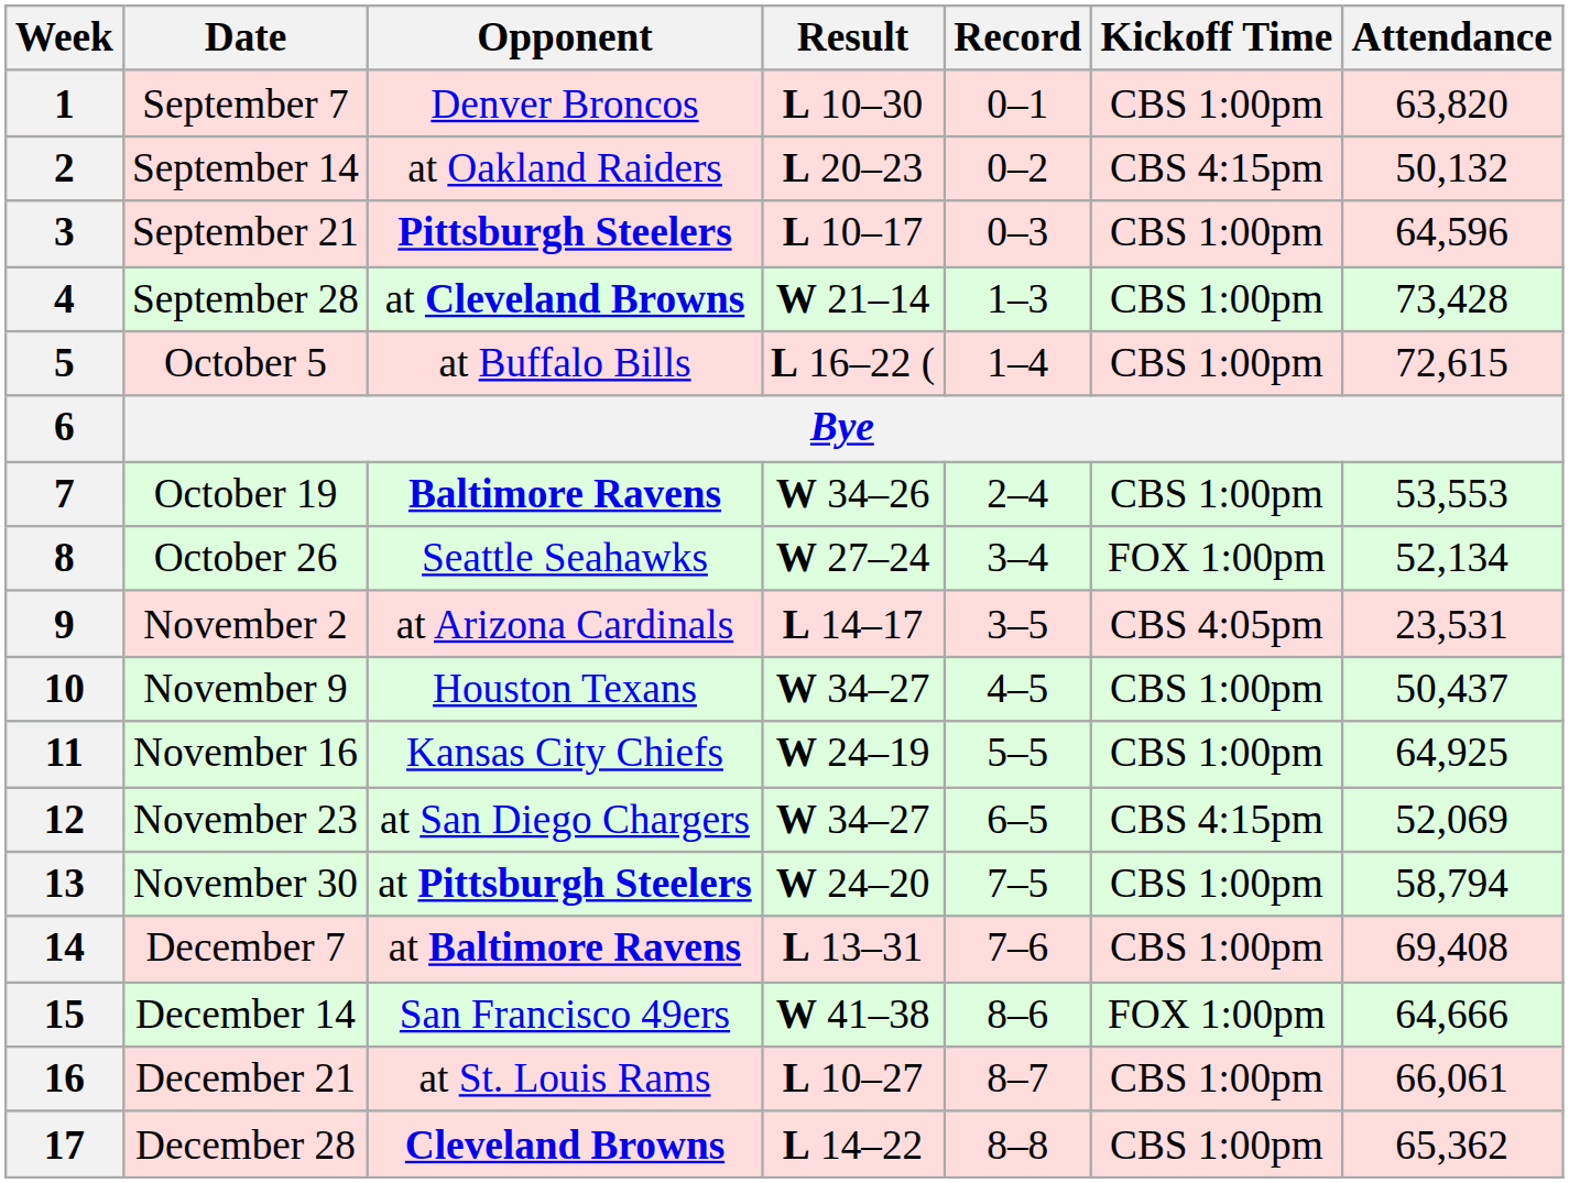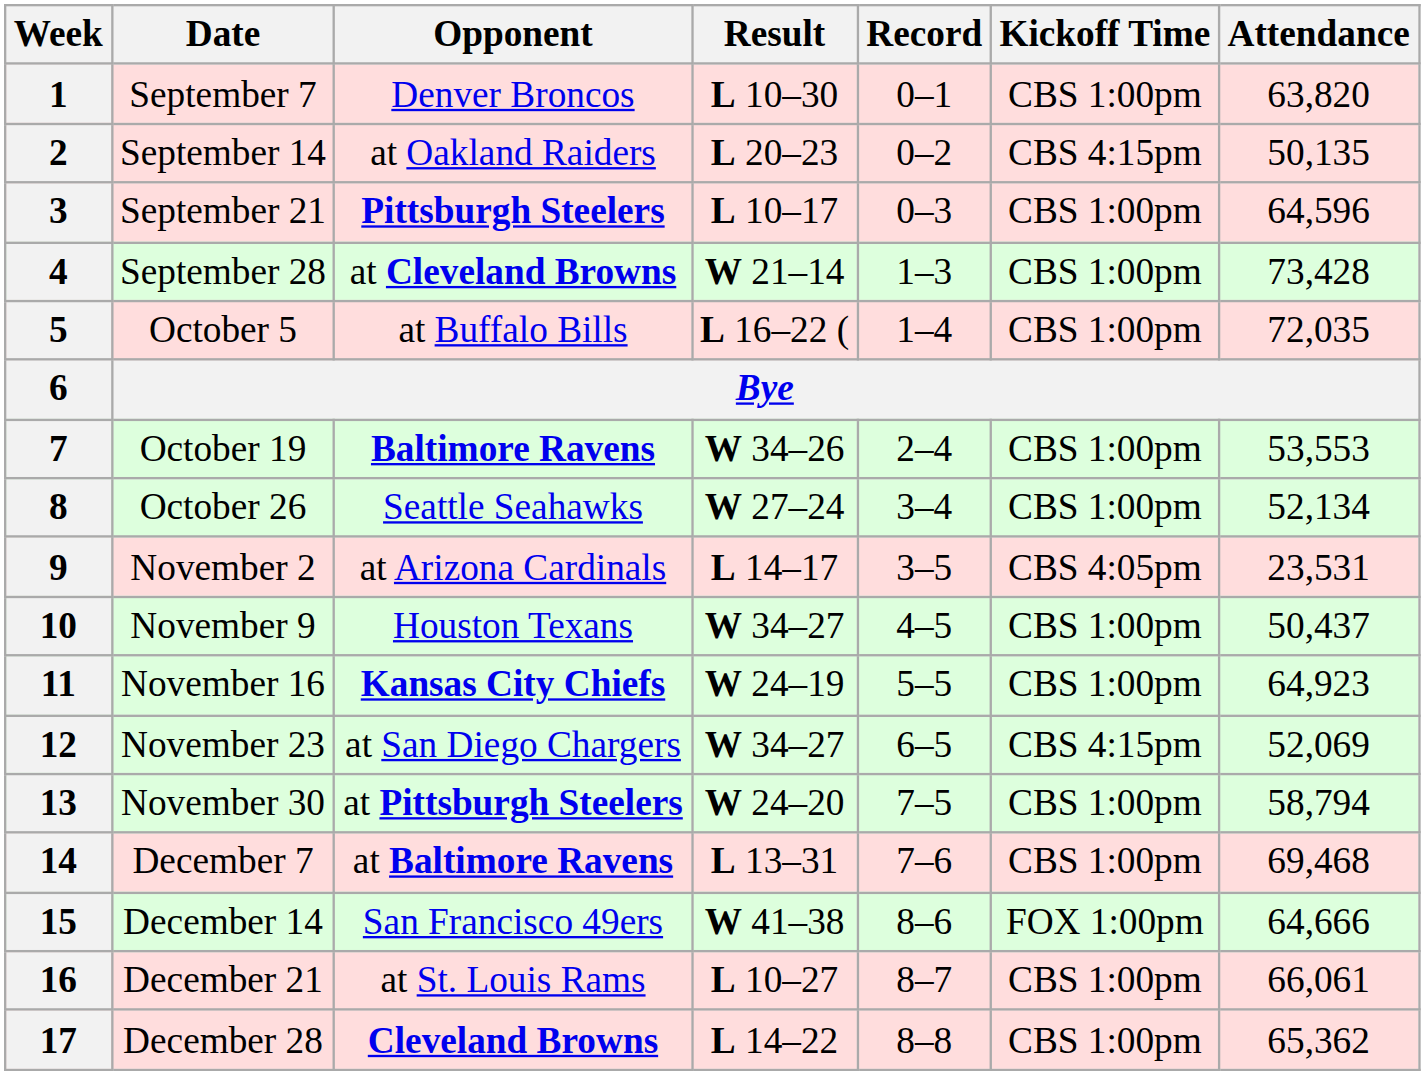 <table class="wikitable" style="text-align:center">
 <tr>
 <th>Week</th>
 <th>Date</th>
 <th>Opponent</th>
 <th>Result</th>
 <th>Record</th>
 <th>Kickoff Time</th>
 <th>Attendance</th>
 </tr>
 <tr style="background:#fdd;">
 <th>1</th>
 <td>September 7</td>
 <td><a href='#'>Denver Broncos</a></td>
 <td><strong>L</strong> 10–30</td>
 <td>0–1</td>
 <td>CBS 1:00pm</td>
 <td>63,820</td>
 </tr>
 <tr style="background:#fdd;">
 <th>2</th>
 <td>September 14</td>
 <td>at <a href='#'>Oakland Raiders</a></td>
 <td><strong>L</strong> 20–23</td>
 <td>0–2</td>
 <td>CBS 4:15pm</td>
-<td>50,132</td>
+<td>50,135</td>
 </tr>
 <tr style="background:#fdd;">
 <th>3</th>
 <td>September 21</td>
 <td><strong><a href='#'>Pittsburgh Steelers</a></strong></td>
 <td><strong>L</strong> 10–17</td>
 <td>0–3</td>
 <td>CBS 1:00pm</td>
 <td>64,596</td>
 </tr>
 <tr style="background:#dfd;">
 <th>4</th>
 <td>September 28</td>
 <td>at <strong><a href='#'>Cleveland Browns</a></strong></td>
 <td><strong>W</strong> 21–14</td>
 <td>1–3</td>
 <td>CBS 1:00pm</td>
 <td>73,428</td>
 </tr>
 <tr style="background:#fdd;">
 <th>5</th>
 <td>October 5</td>
 <td>at <a href='#'>Buffalo Bills</a></td>
 <td><strong>L</strong> 16–22 (</td>
 <td>1–4</td>
 <td>CBS 1:00pm</td>
-<td>72,615</td>
+<td>72,035</td>
 </tr>
 <tr>
 <th>6</th>
 <th colspan="6"><em><a href='#'>Bye</a></em></th>
 </tr>
 <tr style="background:#dfd;">
 <th>7</th>
 <td>October 19</td>
 <td><strong><a href='#'>Baltimore Ravens</a></strong></td>
 <td><strong>W</strong> 34–26</td>
 <td>2–4</td>
 <td>CBS 1:00pm</td>
 <td>53,553</td>
 </tr>
 <tr style="background:#dfd;">
 <th>8</th>
 <td>October 26</td>
 <td><a href='#'>Seattle Seahawks</a></td>
 <td><strong>W</strong> 27–24</td>
 <td>3–4</td>
-<td>FOX 1:00pm</td>
+<td>CBS 1:00pm</td>
 <td>52,134</td>
 </tr>
 <tr style="background:#fdd;">
 <th>9</th>
 <td>November 2</td>
 <td>at <a href='#'>Arizona Cardinals</a></td>
 <td><strong>L</strong> 14–17</td>
 <td>3–5</td>
 <td>CBS 4:05pm</td>
 <td>23,531</td>
 </tr>
 <tr style="background:#dfd;">
 <th>10</th>
 <td>November 9</td>
 <td><a href='#'>Houston Texans</a></td>
 <td><strong>W</strong> 34–27</td>
 <td>4–5</td>
 <td>CBS 1:00pm</td>
 <td>50,437</td>
 </tr>
 <tr style="background:#dfd;">
 <th>11</th>
 <td>November 16</td>
-<td><a href='#'>Kansas City Chiefs</a></td>
+<td><strong><a href='#'>Kansas City Chiefs</a></strong></td>
 <td><strong>W</strong> 24–19</td>
 <td>5–5</td>
 <td>CBS 1:00pm</td>
-<td>64,925</td>
+<td>64,923</td>
 </tr>
 <tr style="background:#dfd;">
 <th>12</th>
 <td>November 23</td>
 <td>at <a href='#'>San Diego Chargers</a></td>
 <td><strong>W</strong> 34–27</td>
 <td>6–5</td>
 <td>CBS 4:15pm</td>
 <td>52,069</td>
 </tr>
 <tr style="background:#dfd;">
 <th>13</th>
 <td>November 30</td>
 <td>at <strong><a href='#'>Pittsburgh Steelers</a></strong></td>
 <td><strong>W</strong> 24–20</td>
 <td>7–5</td>
 <td>CBS 1:00pm</td>
 <td>58,794</td>
 </tr>
 <tr style="background:#fdd;">
 <th>14</th>
 <td>December 7</td>
 <td>at <strong><a href='#'>Baltimore Ravens</a></strong></td>
 <td><strong>L</strong> 13–31</td>
 <td>7–6</td>
 <td>CBS 1:00pm</td>
-<td>69,408</td>
+<td>69,468</td>
 </tr>
 <tr style="background:#dfd;">
 <th>15</th>
 <td>December 14</td>
 <td><a href='#'>San Francisco 49ers</a></td>
 <td><strong>W</strong> 41–38</td>
 <td>8–6</td>
 <td>FOX 1:00pm</td>
 <td>64,666</td>
 </tr>
 <tr style="background:#fdd;">
 <th>16</th>
 <td>December 21</td>
 <td>at <a href='#'>St. Louis Rams</a></td>
 <td><strong>L</strong> 10–27</td>
 <td>8–7</td>
 <td>CBS 1:00pm</td>
 <td>66,061</td>
 </tr>
 <tr style="background:#fdd;">
 <th>17</th>
 <td>December 28</td>
 <td><strong><a href='#'>Cleveland Browns</a></strong></td>
 <td><strong>L</strong> 14–22</td>
 <td>8–8</td>
 <td>CBS 1:00pm</td>
 <td>65,362</td>
 </tr>
 </table>
